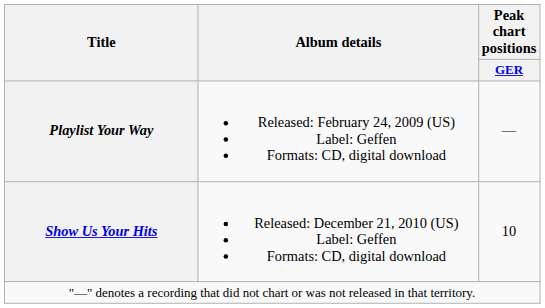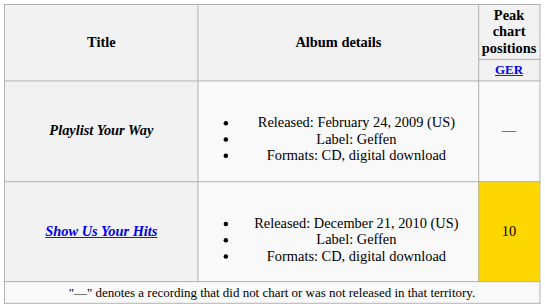 <table class="wikitable plainrowheaders" style="text-align:center;" border="1">
 <tr>
 <th scope="col" rowspan="2" style="width:13em;">Title</th>
 <th scope="col" rowspan="2" style="width:19em;">Album details</th>
 <th scope="col" colspan="1">Peak chart positions</th>
 </tr>
 <tr>
 <th scope="col" style="width:3em;font-size:90%;"><a href='#'>GER</a><br></th>
 </tr>
 <tr>
 <th scope="row"><em>Playlist Your Way</em></th>
 <td><br><ul><li>Released: February 24, 2009 <span>(US)</span></li><li>Label: Geffen</li><li>Formats: CD, digital download</li></ul></td>
 <td>—</td>
 </tr>
 <tr>
 <th scope="row"><em><a href='#'>Show Us Your Hits</a></em></th>
 <td><br><ul><li>Released: December 21, 2010 <span>(US)</span></li><li>Label: Geffen</li><li>Formats: CD, digital download</li></ul></td>
-<td>10</td>
+<td style="background: gold;">10</td>
 </tr>
 <tr>
 <td colspan="15" style="font-size:90%">"—" denotes a recording that did not chart or was not released in that territory.</td>
 </tr>
 </table>
